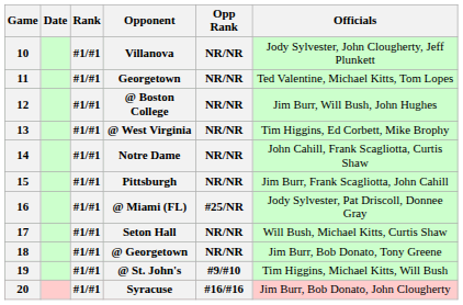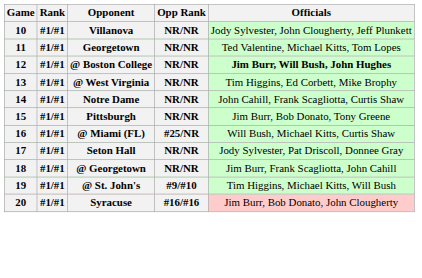 <table class="wikitable">
 <tr>
 <th>Game</th>
-<th>Date</th>
 <th>Rank</th>
 <th>Opponent</th>
 <th>Opp Rank</th>
 <th>Officials</th>
 </tr>
 <tr align="center" bgcolor="#ccffcc">
 <th>10</th>
-<td></td>
 <th>#1/#1</th>
 <th>Villanova</th>
 <th>NR/NR</th>
 <td>Jody Sylvester, John Clougherty, Jeff Plunkett</td>
 </tr>
 <tr align="center" bgcolor="#ccffcc">
 <th>11</th>
-<td></td>
 <th>#1/#1</th>
 <th>Georgetown</th>
 <th>NR/NR</th>
 <td>Ted Valentine, Michael Kitts, Tom Lopes</td>
 </tr>
 <tr align="center" bgcolor="#ccffcc">
 <th>12</th>
-<td></td>
 <th>#1/#1</th>
 <th>@ Boston College</th>
 <th>NR/NR</th>
-<td>Jim Burr, Will Bush, John Hughes</td>
+<td><strong>Jim Burr, Will Bush, John Hughes</strong></td>
 </tr>
 <tr align="center" bgcolor="#ccffcc">
 <th>13</th>
-<td></td>
 <th>#1/#1</th>
 <th>@ West Virginia</th>
 <th>NR/NR</th>
 <td>Tim Higgins, Ed Corbett, Mike Brophy</td>
 </tr>
 <tr align="center" bgcolor="#ccffcc">
 <th>14</th>
-<td></td>
 <th>#1/#1</th>
 <th>Notre Dame</th>
 <th>NR/NR</th>
 <td>John Cahill, Frank Scagliotta, Curtis Shaw</td>
 </tr>
 <tr align="center" bgcolor="#ccffcc">
 <th>15</th>
-<td></td>
 <th>#1/#1</th>
 <th>Pittsburgh</th>
+<th>NR/NR</th>
+<td>Jim Burr, Bob Donato, Tony Greene</td>
+</tr>
+<tr align="center" bgcolor="#ccffcc">
+<th>16</th>
+<th>#1/#1</th>
+<th>@ Miami (FL)</th>
+<th>#25/NR</th>
+<td>Will Bush, Michael Kitts, Curtis Shaw</td>
+</tr>
+<tr align="center" bgcolor="#ccffcc">
+<th>17</th>
+<th>#1/#1</th>
+<th>Seton Hall</th>
+<th>NR/NR</th>
+<td>Jody Sylvester, Pat Driscoll, Donnee Gray</td>
+</tr>
+<tr align="center" bgcolor="#ccffcc">
+<th>18</th>
+<th>#1/#1</th>
+<th>@ Georgetown</th>
 <th>NR/NR</th>
 <td>Jim Burr, Frank Scagliotta, John Cahill</td>
 </tr>
 <tr align="center" bgcolor="#ccffcc">
-<th>16</th>
-<td></td>
-<th>#1/#1</th>
-<th>@ Miami (FL)</th>
-<th>#25/NR</th>
-<td>Jody Sylvester, Pat Driscoll, Donnee Gray</td>
-</tr>
-<tr align="center" bgcolor="#ccffcc">
-<th>17</th>
-<td></td>
-<th>#1/#1</th>
-<th>Seton Hall</th>
-<th>NR/NR</th>
-<td>Will Bush, Michael Kitts, Curtis Shaw</td>
-</tr>
-<tr align="center" bgcolor="#ccffcc">
-<th>18</th>
-<td></td>
-<th>#1/#1</th>
-<th>@ Georgetown</th>
-<th>NR/NR</th>
-<td>Jim Burr, Bob Donato, Tony Greene</td>
-</tr>
-<tr align="center" bgcolor="#ccffcc">
 <th>19</th>
-<td></td>
 <th>#1/#1</th>
 <th>@ St. John's</th>
 <th>#9/#10</th>
 <td>Tim Higgins, Michael Kitts, Will Bush</td>
 </tr>
 <tr align="center" bgcolor="#ffcccc">
 <th>20</th>
-<td></td>
 <th>#1/#1</th>
 <th>Syracuse</th>
 <th>#16/#16</th>
 <td>Jim Burr, Bob Donato, John Clougherty</td>
 </tr>
 </table>
